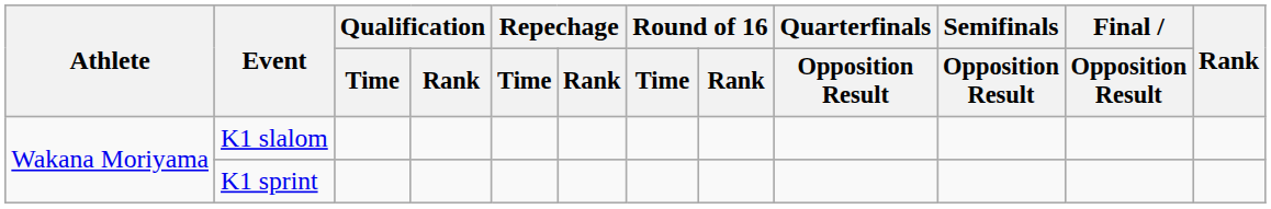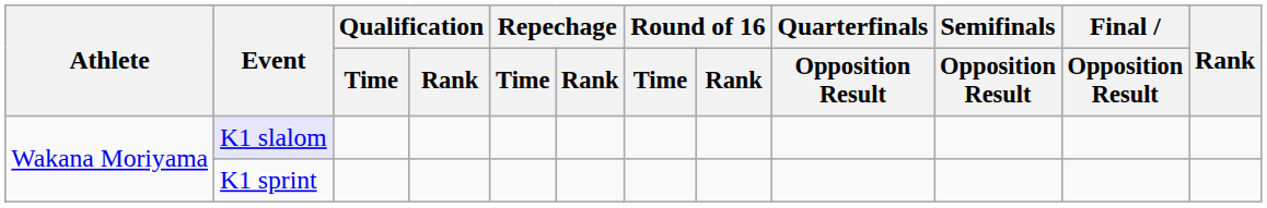 <table class="wikitable" style="font-size:90%;">
 <tr>
 <th rowspan=2>Athlete</th>
 <th rowspan=2>Event</th>
 <th colspan=2>Qualification</th>
 <th colspan=2>Repechage</th>
 <th colspan=2>Round of 16</th>
 <th>Quarterfinals</th>
 <th>Semifinals</th>
 <th>Final / </th>
 <th rowspan=2>Rank</th>
 </tr>
 <tr style="font-size:95%">
 <th>Time</th>
 <th>Rank</th>
 <th>Time</th>
 <th>Rank</th>
 <th>Time</th>
 <th>Rank</th>
 <th>Opposition <br>Result</th>
 <th>Opposition <br>Result</th>
 <th>Opposition <br>Result</th>
 </tr>
 <tr align=center>
 <td rowspan=2 align=left><a href='#'>Wakana Moriyama</a></td>
-<td align=left><a href='#'>K1 slalom</a></td>
+<td align=left style="background: lavender;"><a href='#'>K1 slalom</a></td>
 <td></td>
 <td></td>
 <td></td>
 <td></td>
 <td></td>
 <td></td>
 <td></td>
 <td></td>
 <td></td>
 <td></td>
 </tr>
 <tr>
 <td align=left><a href='#'>K1 sprint</a></td>
 <td></td>
 <td></td>
 <td></td>
 <td></td>
 <td></td>
 <td></td>
 <td></td>
 <td></td>
 <td></td>
 <td></td>
 </tr>
 </table>
